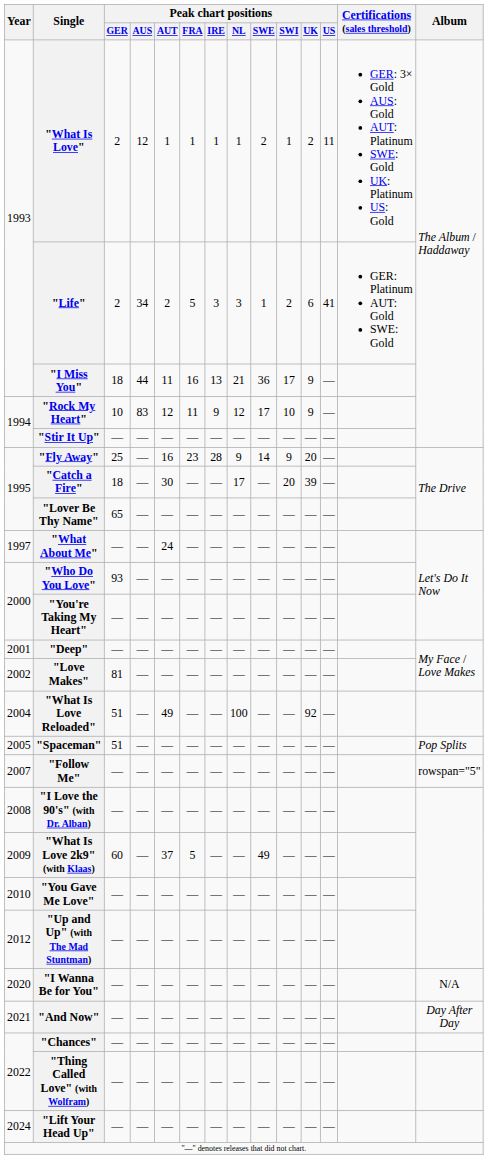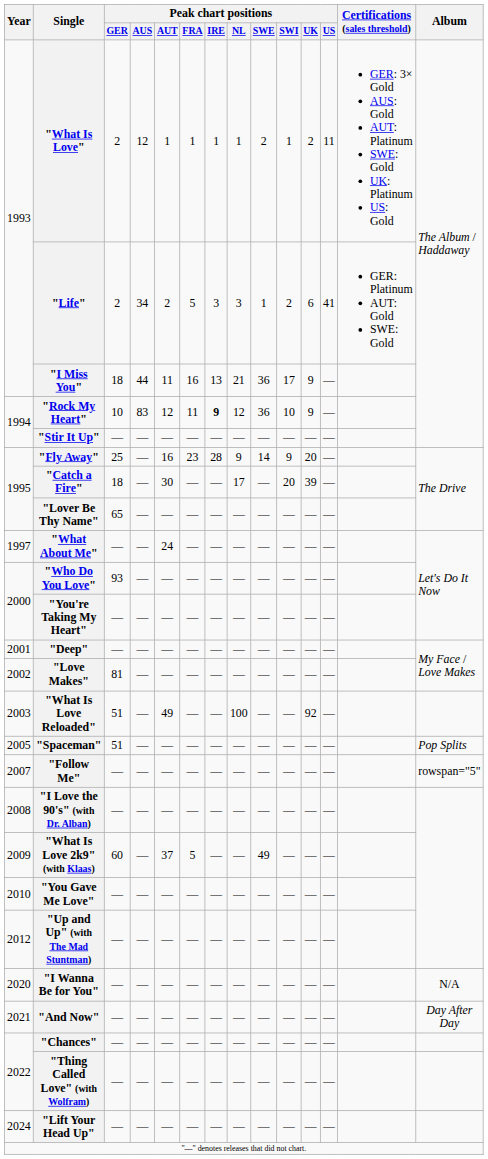 <table class="wikitable plainrowheaders" style="text-align:center;">
 <tr>
 <th rowspan="2">Year</th>
 <th rowspan="2" style="width:16em;">Single</th>
 <th colspan="10">Peak chart positions</th>
 <th rowspan="2" style="width:10em;"><a href='#'>Certifications</a><br><small>(<a href='#'>sales threshold</a>)</small></th>
 <th rowspan="2">Album</th>
 </tr>
 <tr style="font-size:smaller;">
 <th width="35"><a href='#'>GER</a><br></th>
 <th width="35"><a href='#'>AUS</a><br></th>
 <th width="35"><a href='#'>AUT</a><br></th>
 <th width="35"><a href='#'>FRA</a><br></th>
 <th width="35"><a href='#'>IRE</a><br></th>
 <th width="35"><a href='#'>NL</a><br></th>
 <th width="35"><a href='#'>SWE</a><br></th>
 <th width="35"><a href='#'>SWI</a><br></th>
 <th width="35"><a href='#'>UK</a><br></th>
 <th width="35"><a href='#'>US</a><br></th>
 </tr>
 <tr>
 <td rowspan="3">1993</td>
 <th scope="row">"<a href='#'>What Is Love</a>"</th>
 <td>2</td>
 <td>12</td>
 <td>1</td>
 <td>1</td>
 <td>1</td>
 <td>1</td>
 <td>2</td>
 <td>1</td>
 <td>2</td>
 <td>11</td>
 <td align="left"><br><ul><li><a href='#'>GER</a>: 3× Gold</li><li><a href='#'>AUS</a>: Gold</li><li><a href='#'>AUT</a>: Platinum</li><li><a href='#'>SWE</a>: Gold</li><li><a href='#'>UK</a>: Platinum</li><li><a href='#'>US</a>: Gold</li></ul></td>
 <td align="left" rowspan="5"><em>The Album</em> / <em>Haddaway</em></td>
 </tr>
 <tr>
 <th scope="row">"<a href='#'>Life</a>"</th>
 <td>2</td>
 <td>34</td>
 <td>2</td>
 <td>5</td>
 <td>3</td>
 <td>3</td>
 <td>1</td>
 <td>2</td>
 <td>6</td>
 <td>41</td>
 <td align="left"><br><ul><li>GER: Platinum</li><li>AUT: Gold</li><li>SWE: Gold</li></ul></td>
 </tr>
 <tr>
 <th scope="row">"<a href='#'>I Miss You</a>"</th>
 <td>18</td>
 <td>44</td>
 <td>11</td>
 <td>16</td>
 <td>13</td>
 <td>21</td>
 <td>36</td>
 <td>17</td>
 <td>9</td>
 <td>—</td>
 <td></td>
 </tr>
 <tr>
 <td rowspan="2">1994</td>
 <th scope="row">"<a href='#'>Rock My Heart</a>"</th>
 <td>10</td>
 <td>83</td>
 <td>12</td>
 <td>11</td>
-<td>9</td>
+<td><strong>9</strong></td>
 <td>12</td>
-<td>17</td>
+<td>36</td>
 <td>10</td>
 <td>9</td>
 <td>—</td>
 <td></td>
 </tr>
 <tr>
 <th scope="row">"<a href='#'>Stir It Up</a>"</th>
 <td>—</td>
 <td>—</td>
 <td>—</td>
 <td>—</td>
 <td>—</td>
 <td>—</td>
 <td>—</td>
 <td>—</td>
 <td>—</td>
 <td>—</td>
 <td></td>
 </tr>
 <tr>
 <td rowspan="3">1995</td>
 <th scope="row">"<a href='#'>Fly Away</a>"</th>
 <td>25</td>
 <td>—</td>
 <td>16</td>
 <td>23</td>
 <td>28</td>
 <td>9</td>
 <td>14</td>
 <td>9</td>
 <td>20</td>
 <td>—</td>
 <td></td>
 <td align="left" rowspan="3"><em>The Drive</em></td>
 </tr>
 <tr>
 <th scope="row">"<a href='#'>Catch a Fire</a>"</th>
 <td>18</td>
 <td>—</td>
 <td>30</td>
 <td>—</td>
 <td>—</td>
 <td>17</td>
 <td>—</td>
 <td>20</td>
 <td>39</td>
 <td>—</td>
 <td></td>
 </tr>
 <tr>
 <th scope="row">"Lover Be Thy Name"</th>
 <td>65</td>
 <td>—</td>
 <td>—</td>
 <td>—</td>
 <td>—</td>
 <td>—</td>
 <td>—</td>
 <td>—</td>
 <td>—</td>
 <td>—</td>
 <td></td>
 </tr>
 <tr>
 <td>1997</td>
 <th scope="row">"<a href='#'>What About Me</a>"</th>
 <td>—</td>
 <td>—</td>
 <td>24</td>
 <td>—</td>
 <td>—</td>
 <td>—</td>
 <td>—</td>
 <td>—</td>
 <td>—</td>
 <td>—</td>
 <td></td>
 <td align="left" rowspan="3"><em>Let's Do It Now</em></td>
 </tr>
 <tr>
 <td rowspan="2">2000</td>
 <th scope="row">"<a href='#'>Who Do You Love</a>"</th>
 <td>93</td>
 <td>—</td>
 <td>—</td>
 <td>—</td>
 <td>—</td>
 <td>—</td>
 <td>—</td>
 <td>—</td>
 <td>—</td>
 <td>—</td>
 <td></td>
 </tr>
 <tr>
 <th scope="row">"You're Taking My Heart"</th>
 <td>—</td>
 <td>—</td>
 <td>—</td>
 <td>—</td>
 <td>—</td>
 <td>—</td>
 <td>—</td>
 <td>—</td>
 <td>—</td>
 <td>—</td>
 <td></td>
 </tr>
 <tr>
 <td>2001</td>
 <th scope="row">"Deep"</th>
 <td>—</td>
 <td>—</td>
 <td>—</td>
 <td>—</td>
 <td>—</td>
 <td>—</td>
 <td>—</td>
 <td>—</td>
 <td>—</td>
 <td>—</td>
 <td></td>
 <td align="left" rowspan="2"><em>My Face</em> / <em>Love Makes</em></td>
 </tr>
 <tr>
 <td>2002</td>
 <th scope="row">"Love Makes"</th>
 <td>81</td>
 <td>—</td>
 <td>—</td>
 <td>—</td>
 <td>—</td>
 <td>—</td>
 <td>—</td>
 <td>—</td>
 <td>—</td>
 <td>—</td>
 <td></td>
 </tr>
 <tr>
-<td>2004</td>
+<td>2003</td>
 <th scope="row">"What Is Love Reloaded"</th>
 <td>51</td>
 <td>—</td>
 <td>49</td>
 <td>—</td>
 <td>—</td>
 <td>100</td>
 <td>—</td>
 <td>—</td>
 <td>92</td>
 <td>—</td>
 <td></td>
 <td></td>
 </tr>
 <tr>
 <td>2005</td>
 <th scope="row">"Spaceman"</th>
 <td>51</td>
 <td>—</td>
 <td>—</td>
 <td>—</td>
 <td>—</td>
 <td>—</td>
 <td>—</td>
 <td>—</td>
 <td>—</td>
 <td>—</td>
 <td></td>
 <td align="left"><em>Pop Splits</em></td>
 </tr>
 <tr>
 <td>2007</td>
 <th scope="row">"Follow Me"</th>
 <td>—</td>
 <td>—</td>
 <td>—</td>
 <td>—</td>
 <td>—</td>
 <td>—</td>
 <td>—</td>
 <td>—</td>
 <td>—</td>
 <td>—</td>
 <td></td>
 <td>rowspan="5" </td>
 </tr>
 <tr>
 <td>2008</td>
 <th scope="row">"I Love the 90's" <small>(with <a href='#'>Dr. Alban</a>)</small></th>
 <td>—</td>
 <td>—</td>
 <td>—</td>
 <td>—</td>
 <td>—</td>
 <td>—</td>
 <td>—</td>
 <td>—</td>
 <td>—</td>
 <td>—</td>
 <td></td>
 </tr>
 <tr>
 <td>2009</td>
 <th scope="row">"What Is Love 2k9" <small>(with <a href='#'>Klaas</a>)</small></th>
 <td>60</td>
 <td>—</td>
 <td>37</td>
 <td>5</td>
 <td>—</td>
 <td>—</td>
 <td>49</td>
 <td>—</td>
 <td>—</td>
 <td>—</td>
 <td></td>
 </tr>
 <tr>
 <td>2010</td>
 <th scope="row">"You Gave Me Love"</th>
 <td>—</td>
 <td>—</td>
 <td>—</td>
 <td>—</td>
 <td>—</td>
 <td>—</td>
 <td>—</td>
 <td>—</td>
 <td>—</td>
 <td>—</td>
 <td></td>
 </tr>
 <tr>
 <td>2012</td>
 <th scope="row">"Up and Up" <small>(with <a href='#'>The Mad Stuntman</a>)</small></th>
 <td>—</td>
 <td>—</td>
 <td>—</td>
 <td>—</td>
 <td>—</td>
 <td>—</td>
 <td>—</td>
 <td>—</td>
 <td>—</td>
 <td>—</td>
 <td></td>
 </tr>
 <tr>
 <td>2020</td>
 <th scope="row">"I Wanna Be for You"</th>
 <td>—</td>
 <td>—</td>
 <td>—</td>
 <td>—</td>
 <td>—</td>
 <td>—</td>
 <td>—</td>
 <td>—</td>
 <td>—</td>
 <td>—</td>
 <td></td>
 <td>N/A</td>
 </tr>
 <tr>
 <td>2021</td>
 <th scope="row">"And Now"</th>
 <td>—</td>
 <td>—</td>
 <td>—</td>
 <td>—</td>
 <td>—</td>
 <td>—</td>
 <td>—</td>
 <td>—</td>
 <td>—</td>
 <td>—</td>
 <td></td>
 <td><em>Day After Day</em></td>
 </tr>
 <tr>
 <td rowspan="2">2022</td>
 <th scope="row">"Chances"</th>
 <td>—</td>
 <td>—</td>
 <td>—</td>
 <td>—</td>
 <td>—</td>
 <td>—</td>
 <td>—</td>
 <td>—</td>
 <td>—</td>
 <td>—</td>
 <td></td>
 <td></td>
 </tr>
 <tr>
 <th scope="row">"Thing Called Love" <small>(with <a href='#'>Wolfram</a>)</small></th>
 <td>—</td>
 <td>—</td>
 <td>—</td>
 <td>—</td>
 <td>—</td>
 <td>—</td>
 <td>—</td>
 <td>—</td>
 <td>—</td>
 <td>—</td>
 <td></td>
 <td></td>
 </tr>
 <tr>
 <td>2024</td>
 <th scope="row">"Lift Your Head Up"</th>
 <td>—</td>
 <td>—</td>
 <td>—</td>
 <td>—</td>
 <td>—</td>
 <td>—</td>
 <td>—</td>
 <td>—</td>
 <td>—</td>
 <td>—</td>
 <td></td>
 <td></td>
 </tr>
 <tr>
 <td colspan="15" style="font-size:8pt">"—" denotes releases that did not chart.</td>
 </tr>
 </table>
